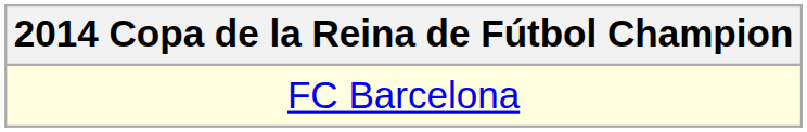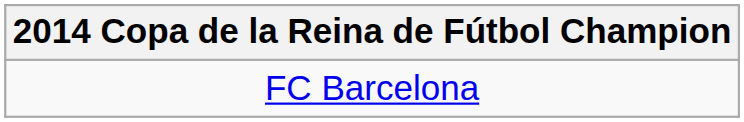 <table class=wikitable style="text-align:center; margin:auto">
 <tr>
 <th>2014 Copa de la Reina de Fútbol Champion</th>
 </tr>
 <tr>
-<td style="background: lightyellow;"><a href='#'>FC Barcelona</a></td>
+<td><a href='#'>FC Barcelona</a></td>
 </tr>
 </table>
